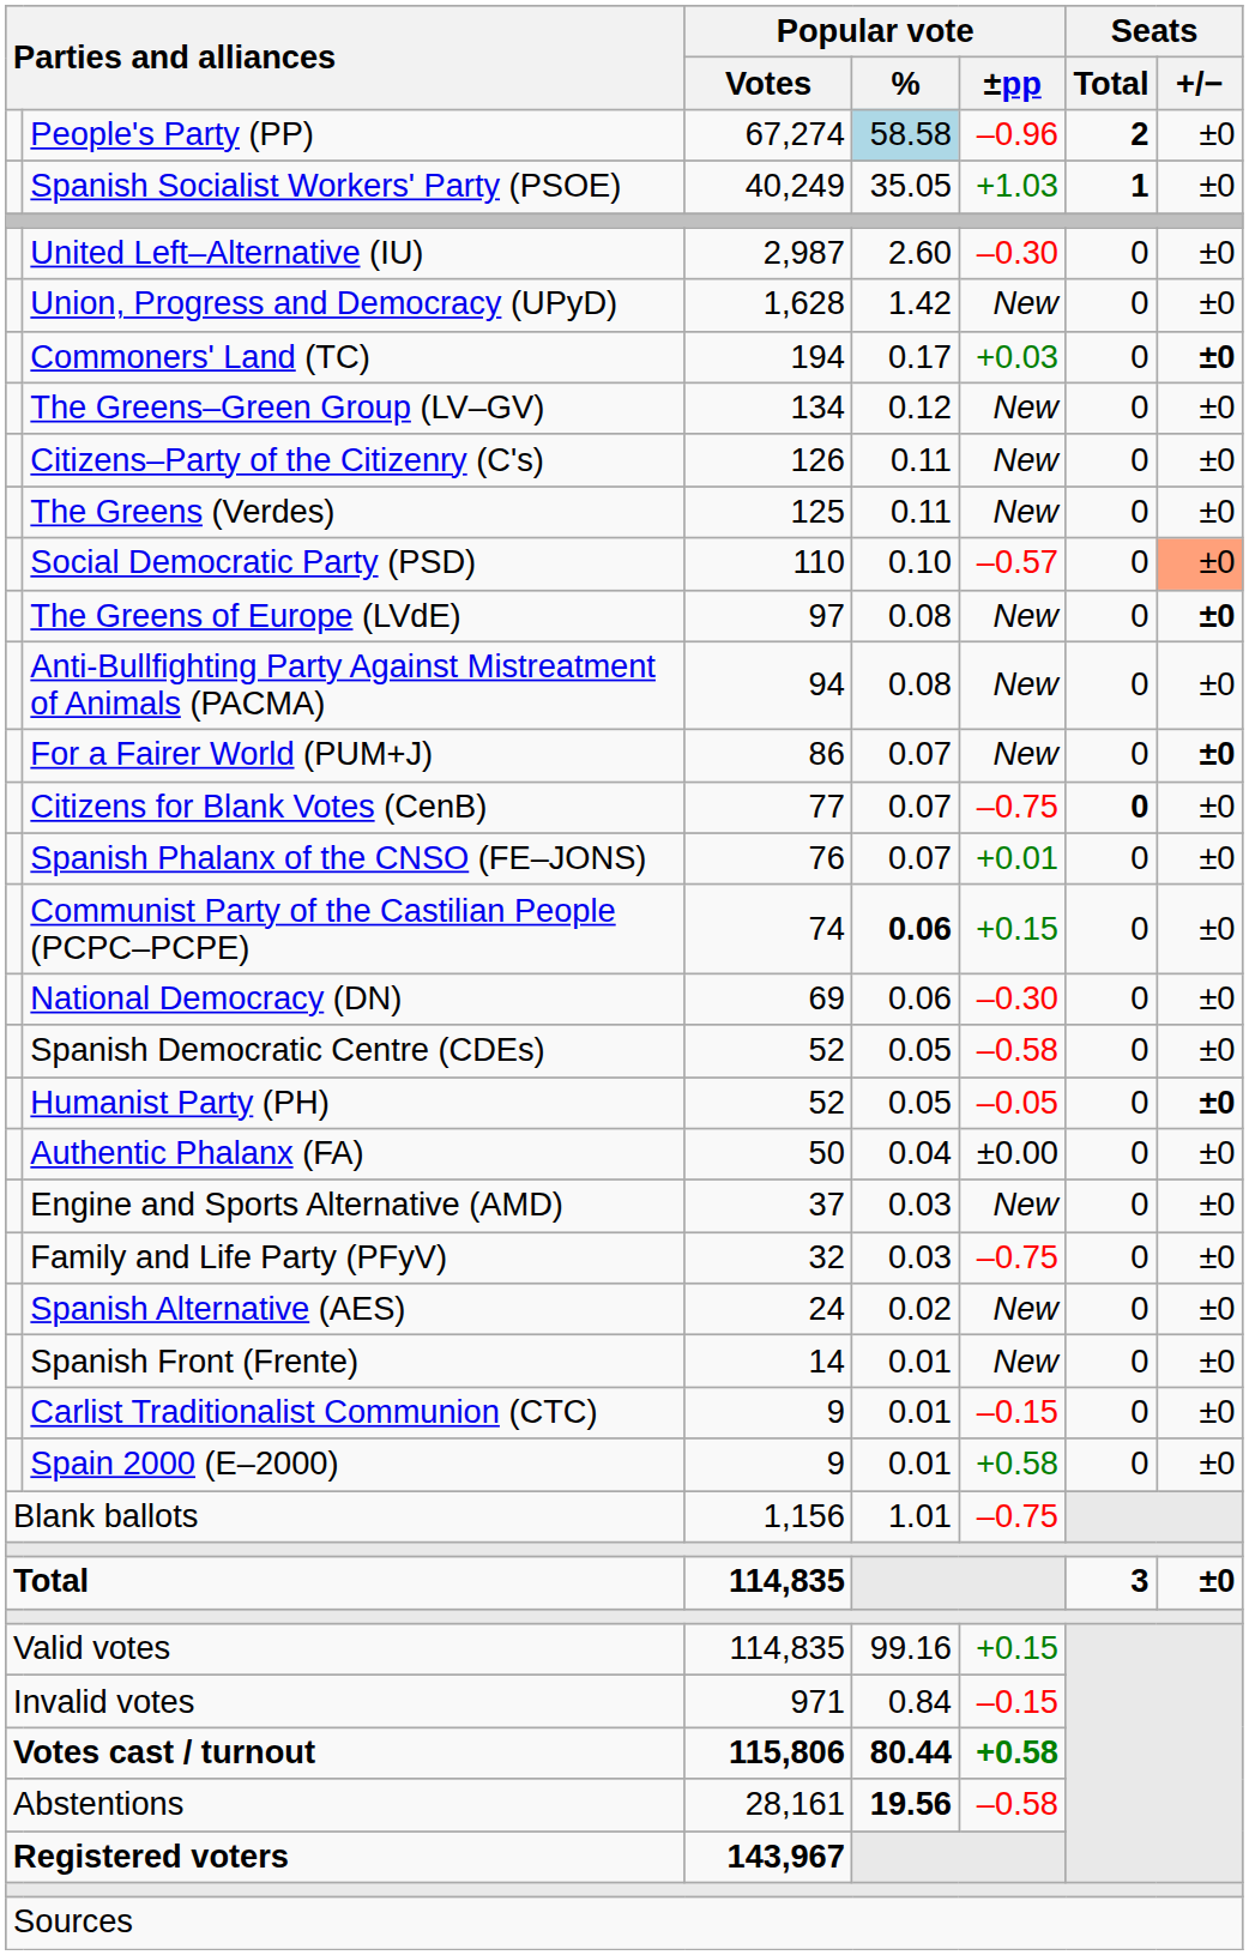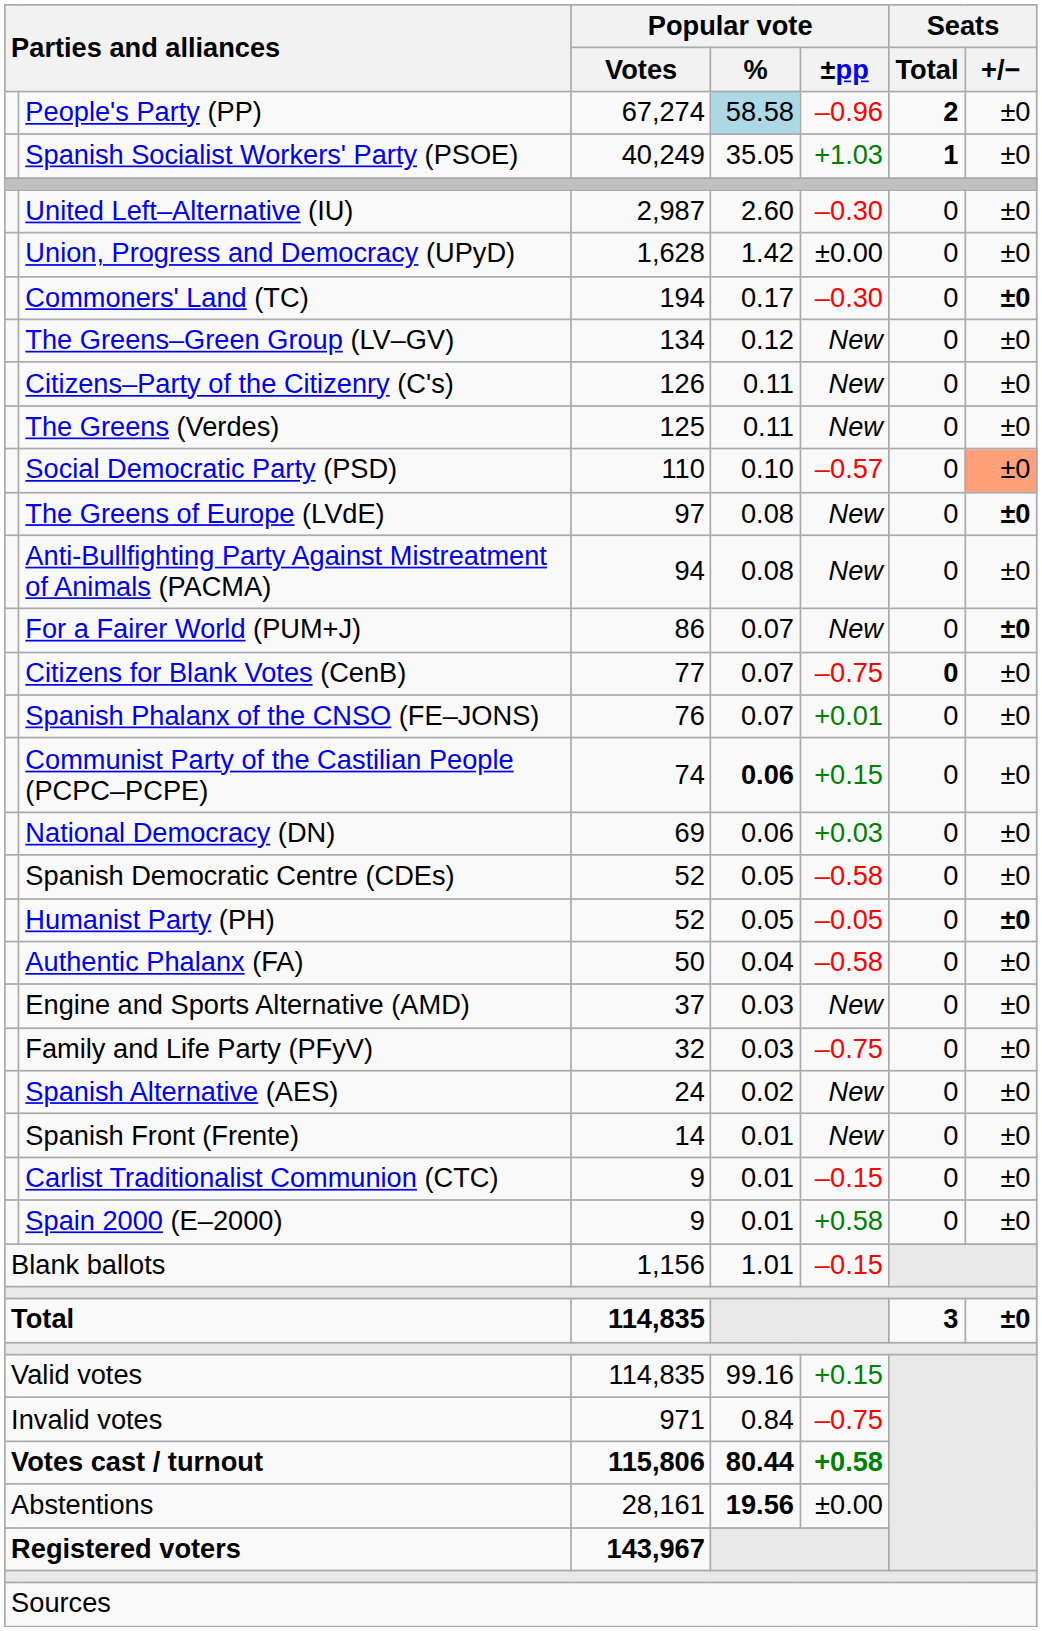 <table class="wikitable" style="text-align:right;">
 <tr>
 <th style="text-align:left;" rowspan="2" colspan="2" width="525">Parties and alliances</th>
 <th colspan="3">Popular vote</th>
 <th colspan="2">Seats</th>
 </tr>
 <tr>
 <th width="75">Votes</th>
 <th width="45">%</th>
 <th width="45">±<a href='#'>pp</a></th>
 <th width="35">Total</th>
 <th width="35">+/−</th>
 </tr>
 <tr>
 <td width="1" style="color:inherit;background:"></td>
 <td align="left"><a href='#'>People's Party</a> (PP)</td>
 <td>67,274</td>
 <td style="background: lightblue;">58.58</td>
 <td style="color:red;">–0.96</td>
 <td><strong>2</strong></td>
 <td>±0</td>
 </tr>
 <tr>
 <td style="color:inherit;background:"></td>
 <td align="left"><a href='#'>Spanish Socialist Workers' Party</a> (PSOE)</td>
 <td>40,249</td>
 <td>35.05</td>
 <td style="color:green;">+1.03</td>
 <td><strong>1</strong></td>
 <td>±0</td>
 </tr>
 <tr>
 <td colspan="7" bgcolor="#C0C0C0"></td>
 </tr>
 <tr>
 <td style="color:inherit;background:"></td>
 <td align="left"><a href='#'>United Left–Alternative</a> (IU)</td>
 <td>2,987</td>
 <td>2.60</td>
 <td style="color:red;">–0.30</td>
 <td>0</td>
 <td>±0</td>
 </tr>
 <tr>
 <td style="color:inherit;background:"></td>
 <td align="left"><a href='#'>Union, Progress and Democracy</a> (UPyD)</td>
 <td>1,628</td>
 <td>1.42</td>
-<td><em>New</em></td>
+<td>±0.00</td>
 <td>0</td>
 <td>±0</td>
 </tr>
 <tr>
 <td style="color:inherit;background:"></td>
 <td align="left"><a href='#'>Commoners' Land</a> (TC)</td>
 <td>194</td>
 <td>0.17</td>
-<td style="color:green;">+0.03</td>
+<td style="color:red;">–0.30</td>
 <td>0</td>
 <td><strong>±0</strong></td>
 </tr>
 <tr>
 <td style="color:inherit;background:"></td>
 <td align="left"><a href='#'>The Greens–Green Group</a> (LV–GV)</td>
 <td>134</td>
 <td>0.12</td>
 <td><em>New</em></td>
 <td>0</td>
 <td>±0</td>
 </tr>
 <tr>
 <td style="color:inherit;background:"></td>
 <td align="left"><a href='#'>Citizens–Party of the Citizenry</a> (C's)</td>
 <td>126</td>
 <td>0.11</td>
 <td><em>New</em></td>
 <td>0</td>
 <td>±0</td>
 </tr>
 <tr>
 <td style="color:inherit;background:"></td>
 <td align="left"><a href='#'>The Greens</a> (Verdes)</td>
 <td>125</td>
 <td>0.11</td>
 <td><em>New</em></td>
 <td>0</td>
 <td>±0</td>
 </tr>
 <tr>
 <td style="color:inherit;background:"></td>
 <td align="left"><a href='#'>Social Democratic Party</a> (PSD)</td>
 <td>110</td>
 <td>0.10</td>
 <td style="color:red;">–0.57</td>
 <td>0</td>
 <td style="background: lightsalmon;">±0</td>
 </tr>
 <tr>
 <td style="color:inherit;background:"></td>
 <td align="left"><a href='#'>The Greens of Europe</a> (LVdE)</td>
 <td>97</td>
 <td>0.08</td>
 <td><em>New</em></td>
 <td>0</td>
 <td><strong>±0</strong></td>
 </tr>
 <tr>
 <td style="color:inherit;background:"></td>
 <td align="left"><a href='#'>Anti-Bullfighting Party Against Mistreatment of Animals</a> (PACMA)</td>
 <td>94</td>
 <td>0.08</td>
 <td><em>New</em></td>
 <td>0</td>
 <td>±0</td>
 </tr>
 <tr>
 <td style="color:inherit;background:"></td>
 <td align="left"><a href='#'>For a Fairer World</a> (PUM+J)</td>
 <td>86</td>
 <td>0.07</td>
 <td><em>New</em></td>
 <td>0</td>
 <td><strong>±0</strong></td>
 </tr>
 <tr>
 <td style="color:inherit;background:"></td>
 <td align="left"><a href='#'>Citizens for Blank Votes</a> (CenB)</td>
 <td>77</td>
 <td>0.07</td>
 <td style="color:red;">–0.75</td>
 <td><strong>0</strong></td>
 <td>±0</td>
 </tr>
 <tr>
 <td style="color:inherit;background:"></td>
 <td align="left"><a href='#'>Spanish Phalanx of the CNSO</a> (FE–JONS)</td>
 <td>76</td>
 <td>0.07</td>
 <td style="color:green;">+0.01</td>
 <td>0</td>
 <td>±0</td>
 </tr>
 <tr>
 <td style="color:inherit;background:"></td>
 <td align="left"><a href='#'>Communist Party of the Castilian People</a> (PCPC–PCPE)</td>
 <td>74</td>
 <td><strong>0.06</strong></td>
 <td style="color:green;">+0.15</td>
 <td>0</td>
 <td>±0</td>
 </tr>
 <tr>
 <td style="color:inherit;background:"></td>
 <td align="left"><a href='#'>National Democracy</a> (DN)</td>
 <td>69</td>
 <td>0.06</td>
-<td style="color:red;">–0.30</td>
+<td style="color:green;">+0.03</td>
 <td>0</td>
 <td>±0</td>
 </tr>
 <tr>
 <td style="color:inherit;background:"></td>
 <td align="left">Spanish Democratic Centre (CDEs)</td>
 <td>52</td>
 <td>0.05</td>
 <td style="color:red;">–0.58</td>
 <td>0</td>
 <td>±0</td>
 </tr>
 <tr>
 <td style="color:inherit;background:"></td>
 <td align="left"><a href='#'>Humanist Party</a> (PH)</td>
 <td>52</td>
 <td>0.05</td>
 <td style="color:red;">–0.05</td>
 <td>0</td>
 <td><strong>±0</strong></td>
 </tr>
 <tr>
 <td style="color:inherit;background:"></td>
 <td align="left"><a href='#'>Authentic Phalanx</a> (FA)</td>
 <td>50</td>
 <td>0.04</td>
-<td>±0.00</td>
+<td style="color:red;">–0.58</td>
 <td>0</td>
 <td>±0</td>
 </tr>
 <tr>
 <td style="color:inherit;background:"></td>
 <td align="left">Engine and Sports Alternative (AMD)</td>
 <td>37</td>
 <td>0.03</td>
 <td><em>New</em></td>
 <td>0</td>
 <td>±0</td>
 </tr>
 <tr>
 <td style="color:inherit;background:"></td>
 <td align="left">Family and Life Party (PFyV)</td>
 <td>32</td>
 <td>0.03</td>
 <td style="color:red;">–0.75</td>
 <td>0</td>
 <td>±0</td>
 </tr>
 <tr>
 <td style="color:inherit;background:"></td>
 <td align="left"><a href='#'>Spanish Alternative</a> (AES)</td>
 <td>24</td>
 <td>0.02</td>
 <td><em>New</em></td>
 <td>0</td>
 <td>±0</td>
 </tr>
 <tr>
 <td style="color:inherit;background:"></td>
 <td align="left">Spanish Front (Frente)</td>
 <td>14</td>
 <td>0.01</td>
 <td><em>New</em></td>
 <td>0</td>
 <td>±0</td>
 </tr>
 <tr>
 <td style="color:inherit;background:"></td>
 <td align="left"><a href='#'>Carlist Traditionalist Communion</a> (CTC)</td>
 <td>9</td>
 <td>0.01</td>
 <td style="color:red;">–0.15</td>
 <td>0</td>
 <td>±0</td>
 </tr>
 <tr>
 <td style="color:inherit;background:"></td>
 <td align="left"><a href='#'>Spain 2000</a> (E–2000)</td>
 <td>9</td>
 <td>0.01</td>
 <td style="color:green;">+0.58</td>
 <td>0</td>
 <td>±0</td>
 </tr>
 <tr>
 <td align="left" colspan="2">Blank ballots</td>
 <td>1,156</td>
 <td>1.01</td>
-<td style="color:red;">–0.75</td>
+<td style="color:red;">–0.15</td>
 <td bgcolor="#E9E9E9" colspan="2"></td>
 </tr>
 <tr>
 <td colspan="7" bgcolor="#E9E9E9"></td>
 </tr>
 <tr style="font-weight:bold;">
 <td align="left" colspan="2">Total</td>
 <td>114,835</td>
 <td bgcolor="#E9E9E9" colspan="2"></td>
 <td>3</td>
 <td>±0</td>
 </tr>
 <tr>
 <td colspan="7" bgcolor="#E9E9E9"></td>
 </tr>
 <tr>
 <td align="left" colspan="2">Valid votes</td>
 <td>114,835</td>
 <td>99.16</td>
 <td style="color:green;">+0.15</td>
 <td bgcolor="#E9E9E9" colspan="2" rowspan="5"></td>
 </tr>
 <tr>
 <td align="left" colspan="2">Invalid votes</td>
 <td>971</td>
 <td>0.84</td>
-<td style="color:red;">–0.15</td>
+<td style="color:red;">–0.75</td>
 </tr>
 <tr style="font-weight:bold;">
 <td align="left" colspan="2">Votes cast / turnout</td>
 <td>115,806</td>
 <td>80.44</td>
 <td style="color:green;">+0.58</td>
 </tr>
 <tr>
 <td align="left" colspan="2">Abstentions</td>
 <td>28,161</td>
 <td><strong>19.56</strong></td>
-<td style="color:red;">–0.58</td>
+<td>±0.00</td>
 </tr>
 <tr style="font-weight:bold;">
 <td align="left" colspan="2">Registered voters</td>
 <td>143,967</td>
 <td bgcolor="#E9E9E9" colspan="2"></td>
 </tr>
 <tr>
 <td colspan="7" bgcolor="#E9E9E9"></td>
 </tr>
 <tr>
 <td align="left" colspan="7">Sources</td>
 </tr>
 </table>
